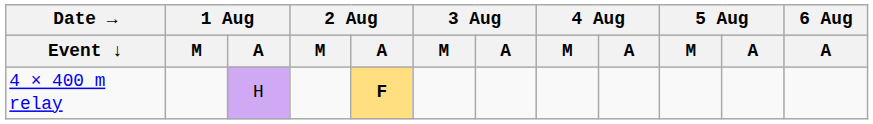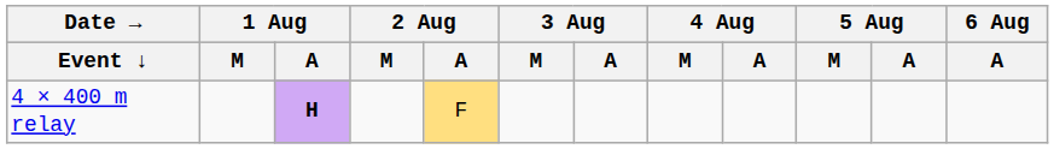 <table class="wikitable" style="text-align:center; margin:0.5em auto; font-size:90%; line-height:1.25em;">
 <tr>
 <th>Date →</th>
 <th colspan=2>1 Aug</th>
 <th colspan=2>2 Aug</th>
 <th colspan=2>3 Aug</th>
 <th colspan=2>4 Aug</th>
 <th colspan=2>5 Aug</th>
 <th>6 Aug</th>
 </tr>
 <tr>
 <th width="100px">Event ↓</th>
 <th width="35px">M</th>
 <th width="35px">A</th>
 <th width="35px">M</th>
 <th width="35px">A</th>
 <th width="35px">M</th>
 <th width="35px">A</th>
 <th width="35px">M</th>
 <th width="35px">A</th>
 <th width="35px">M</th>
 <th width="35px">A</th>
 <th width="50px">A</th>
 </tr>
 <tr>
 <td align="left"><a href='#'>4 × 400 m relay</a></td>
 <td></td>
-<td bgcolor="#D0A9F5">H</td>
+<td bgcolor="#D0A9F5"><strong>H</strong></td>
 <td></td>
-<td bgcolor="#FFDF80"><strong>F</strong></td>
+<td bgcolor="#FFDF80">F</td>
 <td></td>
 <td></td>
 <td></td>
 <td></td>
 <td></td>
 <td></td>
 <td></td>
 </tr>
 </table>
